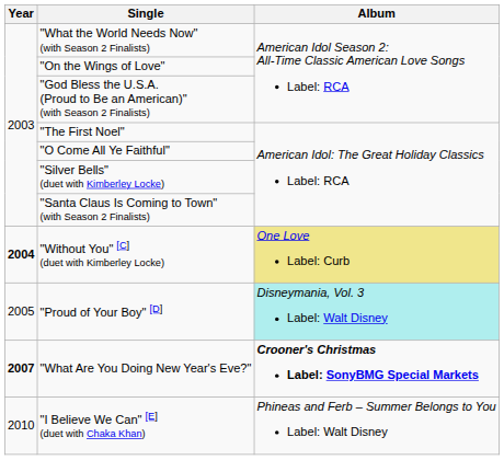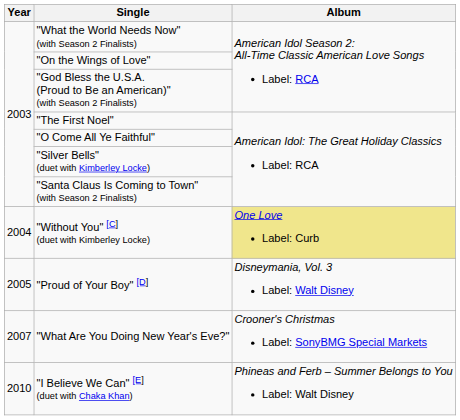 <table class="wikitable">
 <tr>
 <th>Year</th>
 <th>Single</th>
 <th>Album</th>
 </tr>
 <tr>
 <td rowspan="7">2003</td>
 <td>"What the World Needs Now"<br><small>(with Season 2 Finalists)</small></td>
 <td rowspan="3"><em>American Idol Season 2: <br>All-Time Classic American Love Songs</em><br><ul><li>Label: <a href='#'>RCA</a></li></ul></td>
 </tr>
 <tr>
 <td>"On the Wings of Love"</td>
 </tr>
 <tr>
 <td>"God Bless the U.S.A.<br>(Proud to Be an American)"<br><small>(with Season 2 Finalists)</small></td>
 </tr>
 <tr>
 <td>"The First Noel"</td>
 <td rowspan="4"><em>American Idol: The Great Holiday Classics</em><br><ul><li>Label: RCA</li></ul></td>
 </tr>
 <tr>
 <td>"O Come All Ye Faithful"</td>
 </tr>
 <tr>
 <td>"Silver Bells"<br><small>(duet with <a href='#'>Kimberley Locke</a>)</small></td>
 </tr>
 <tr>
 <td>"Santa Claus Is Coming to Town"<br><small>(with Season 2 Finalists)</small></td>
 </tr>
 <tr>
-<td><strong>2004</strong></td>
+<td>2004</td>
 <td>"Without You" <sup><span></span><a href='#'>[C</a>]</sup><br><small>(duet with Kimberley Locke)</small></td>
 <td style="background: khaki;"><em><a href='#'>One Love</a></em><br><ul><li>Label: Curb</li></ul></td>
 </tr>
 <tr>
 <td>2005</td>
 <td>"Proud of Your Boy" <sup><span></span><a href='#'>[D</a>]</sup></td>
-<td style="background: paleturquoise;"><em>Disneymania, Vol. 3</em><br><ul><li>Label: <a href='#'>Walt Disney</a></li></ul></td>
+<td><em>Disneymania, Vol. 3</em><br><ul><li>Label: <a href='#'>Walt Disney</a></li></ul></td>
 </tr>
 <tr>
-<td><strong>2007</strong></td>
+<td>2007</td>
 <td>"What Are You Doing New Year's Eve?"</td>
-<td><strong><em>Crooner's Christmas</em><br><ul><li>Label: <a href='#'>SonyBMG Special Markets</a></li></ul></strong></td>
+<td><em>Crooner's Christmas</em><br><ul><li>Label: <a href='#'>SonyBMG Special Markets</a></li></ul></td>
 </tr>
 <tr>
 <td>2010</td>
 <td>"I Believe We Can" <sup><span></span><a href='#'>[E</a>]</sup><br><small>(duet with <a href='#'>Chaka Khan</a>)</small></td>
 <td><em>Phineas and Ferb – Summer Belongs to You</em><br><ul><li>Label: Walt Disney</li></ul></td>
 </tr>
 </table>
